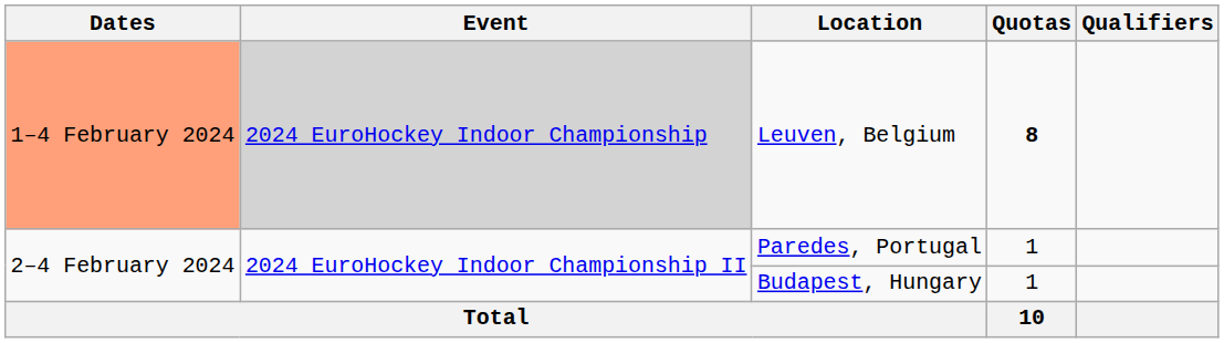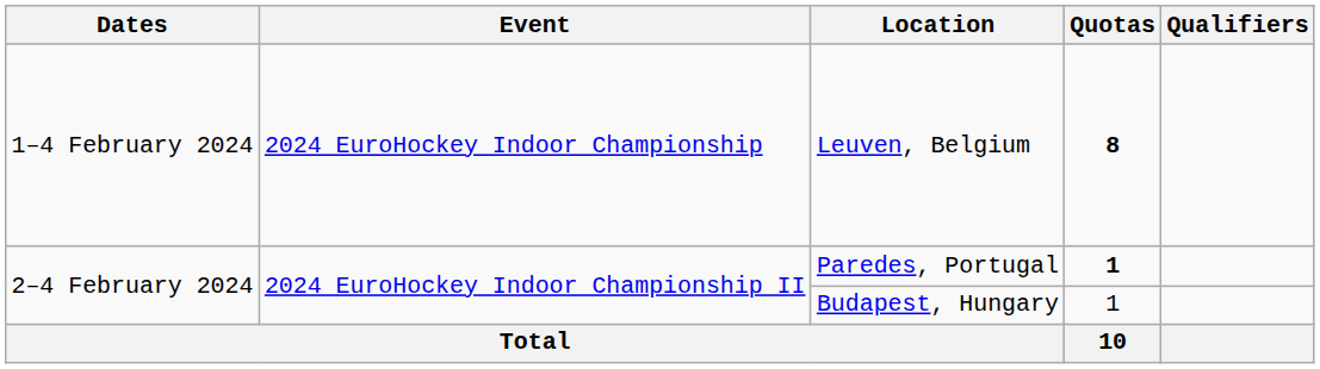 <table class="wikitable">
 <tr>
 <th>Dates</th>
 <th>Event</th>
 <th>Location</th>
 <th>Quotas</th>
 <th>Qualifiers</th>
 </tr>
 <tr>
-<td style="background: lightsalmon;">1–4 February 2024</td>
-<td style="background: lightgrey;"><a href='#'>2024 EuroHockey Indoor Championship</a></td>
+<td>1–4 February 2024</td>
+<td><a href='#'>2024 EuroHockey Indoor Championship</a></td>
 <td><a href='#'>Leuven</a>, Belgium</td>
 <td align=center><strong>8</strong></td>
 <td><br><br><br><br><br><br><br></td>
 </tr>
 <tr>
 <td rowspan=2>2–4 February 2024</td>
 <td rowspan=2><a href='#'>2024 EuroHockey Indoor Championship II</a></td>
 <td><a href='#'>Paredes</a>, Portugal</td>
-<td align=center>1</td>
+<td align=center><strong>1</strong></td>
 <td></td>
 </tr>
 <tr>
 <td><a href='#'>Budapest</a>, Hungary</td>
 <td align=center>1</td>
 <td></td>
 </tr>
 <tr>
 <th colspan=3>Total</th>
 <th>10</th>
 <th></th>
 </tr>
 </table>
